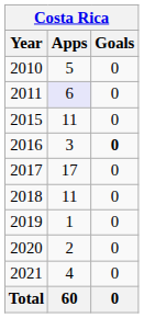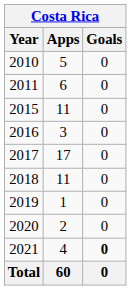 <table class="wikitable" style="text-align:center">
 <tr>
 <th colspan=3><a href='#'>Costa Rica</a></th>
 </tr>
 <tr>
 <th>Year</th>
 <th>Apps</th>
 <th>Goals</th>
 </tr>
 <tr>
 <td>2010</td>
 <td>5</td>
 <td>0</td>
 </tr>
 <tr>
 <td>2011</td>
-<td style="background: lavender;">6</td>
+<td>6</td>
 <td>0</td>
 </tr>
 <tr>
 <td>2015</td>
 <td>11</td>
 <td>0</td>
 </tr>
 <tr>
 <td>2016</td>
 <td>3</td>
-<td><strong>0</strong></td>
+<td>0</td>
 </tr>
 <tr>
 <td>2017</td>
 <td>17</td>
 <td>0</td>
 </tr>
 <tr>
 <td>2018</td>
 <td>11</td>
 <td>0</td>
 </tr>
 <tr>
 <td>2019</td>
 <td>1</td>
 <td>0</td>
 </tr>
 <tr>
 <td>2020</td>
 <td>2</td>
 <td>0</td>
 </tr>
 <tr>
 <td>2021</td>
 <td>4</td>
-<td>0</td>
+<td><strong>0</strong></td>
 </tr>
 <tr>
 <th>Total</th>
 <th>60</th>
 <th>0</th>
 </tr>
 </table>
